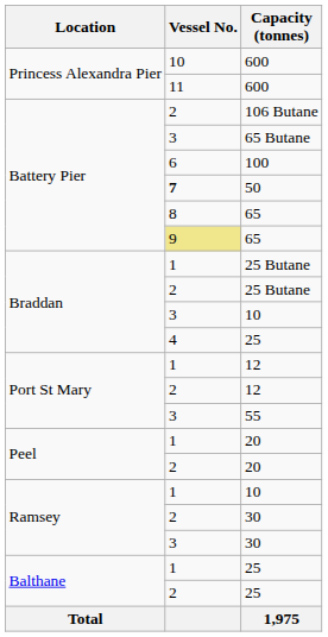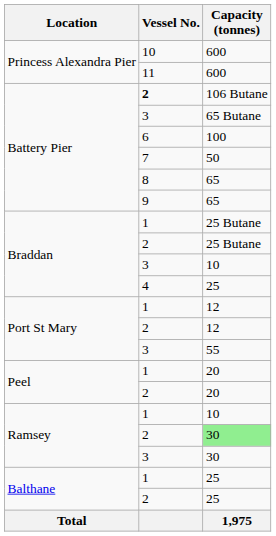 <table class="wikitable">
 <tr>
 <th>Location</th>
 <th>Vessel No.</th>
 <th>Capacity<br>(tonnes)</th>
 </tr>
 <tr>
 <td rowspan="2">Princess Alexandra  Pier</td>
 <td>10</td>
 <td>600</td>
 </tr>
 <tr>
 <td>11</td>
 <td>600</td>
 </tr>
 <tr>
 <td rowspan="6">Battery Pier</td>
-<td>2</td>
+<td><strong>2</strong></td>
 <td>106 Butane</td>
 </tr>
 <tr>
 <td>3</td>
 <td>65 Butane</td>
 </tr>
 <tr>
 <td>6</td>
 <td>100</td>
 </tr>
 <tr>
-<td><strong>7</strong></td>
+<td>7</td>
 <td>50</td>
 </tr>
 <tr>
 <td>8</td>
 <td>65</td>
 </tr>
 <tr>
-<td style="background: khaki;">9</td>
+<td>9</td>
 <td>65</td>
 </tr>
 <tr>
 <td rowspan="4">Braddan</td>
 <td>1</td>
 <td>25 Butane</td>
 </tr>
 <tr>
 <td>2</td>
 <td>25 Butane</td>
 </tr>
 <tr>
 <td>3</td>
 <td>10</td>
 </tr>
 <tr>
 <td>4</td>
 <td>25</td>
 </tr>
 <tr>
 <td rowspan="3">Port St Mary</td>
 <td>1</td>
 <td>12</td>
 </tr>
 <tr>
 <td>2</td>
 <td>12</td>
 </tr>
 <tr>
 <td>3</td>
 <td>55</td>
 </tr>
 <tr>
 <td rowspan="2">Peel</td>
 <td>1</td>
 <td>20</td>
 </tr>
 <tr>
 <td>2</td>
 <td>20</td>
 </tr>
 <tr>
 <td rowspan="3">Ramsey</td>
 <td>1</td>
 <td>10</td>
 </tr>
 <tr>
 <td>2</td>
-<td>30</td>
+<td style="background: lightgreen;">30</td>
 </tr>
 <tr>
 <td>3</td>
 <td>30</td>
 </tr>
 <tr>
 <td rowspan="2"><a href='#'>Balthane</a></td>
 <td>1</td>
 <td>25</td>
 </tr>
 <tr>
 <td>2</td>
 <td>25</td>
 </tr>
 <tr>
 <th>Total</th>
 <th></th>
 <th>1,975</th>
 </tr>
 </table>
